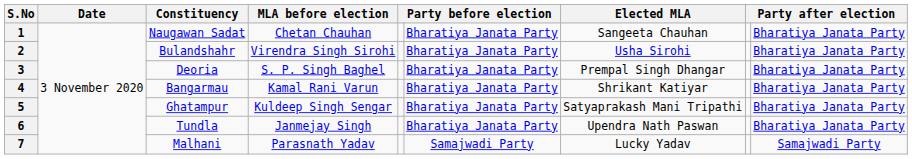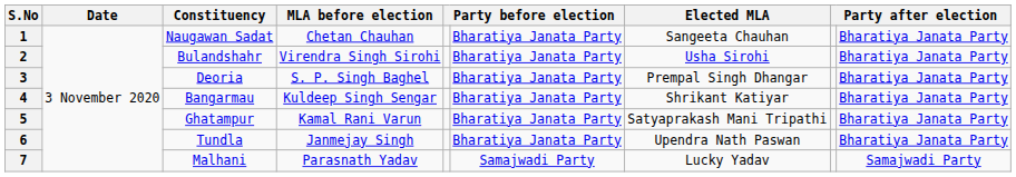 <table class="wikitable sortable" style="text-align:center;">
 <tr>
 <th>S.No</th>
 <th>Date</th>
 <th>Constituency</th>
 <th>MLA before election</th>
 <th colspan="2">Party before election</th>
 <th>Elected MLA</th>
 <th colspan="2">Party after election</th>
 </tr>
 <tr>
 <th>1</th>
 <td rowspan="7">3 November 2020</td>
 <td><a href='#'>Naugawan Sadat</a></td>
 <td><a href='#'>Chetan Chauhan</a></td>
 <td></td>
 <td><a href='#'>Bharatiya Janata Party</a></td>
 <td>Sangeeta Chauhan</td>
 <td></td>
 <td><a href='#'>Bharatiya Janata Party</a></td>
 </tr>
 <tr>
 <th>2</th>
 <td><a href='#'>Bulandshahr</a></td>
 <td><a href='#'>Virendra Singh Sirohi</a></td>
 <td></td>
 <td><a href='#'>Bharatiya Janata Party</a></td>
 <td><a href='#'>Usha Sirohi</a></td>
 <td></td>
 <td><a href='#'>Bharatiya Janata Party</a></td>
 </tr>
 <tr>
 <th>3</th>
 <td><a href='#'>Deoria</a></td>
 <td><a href='#'>S. P. Singh Baghel</a></td>
 <td></td>
 <td><a href='#'>Bharatiya Janata Party</a></td>
 <td>Prempal Singh Dhangar</td>
 <td></td>
 <td><a href='#'>Bharatiya Janata Party</a></td>
 </tr>
 <tr>
 <th>4</th>
 <td><a href='#'>Bangarmau</a></td>
-<td><a href='#'>Kamal Rani Varun</a></td>
+<td><a href='#'>Kuldeep Singh Sengar</a></td>
 <td></td>
 <td><a href='#'>Bharatiya Janata Party</a></td>
 <td>Shrikant Katiyar</td>
 <td></td>
 <td><a href='#'>Bharatiya Janata Party</a></td>
 </tr>
 <tr>
 <th>5</th>
 <td><a href='#'>Ghatampur</a></td>
-<td><a href='#'>Kuldeep Singh Sengar</a></td>
+<td><a href='#'>Kamal Rani Varun</a></td>
 <td></td>
 <td><a href='#'>Bharatiya Janata Party</a></td>
 <td>Satyaprakash Mani Tripathi</td>
 <td></td>
 <td><a href='#'>Bharatiya Janata Party</a></td>
 </tr>
 <tr>
 <th>6</th>
 <td><a href='#'>Tundla</a></td>
 <td><a href='#'>Janmejay Singh</a></td>
 <td></td>
 <td><a href='#'>Bharatiya Janata Party</a></td>
 <td>Upendra Nath Paswan</td>
 <td></td>
 <td><a href='#'>Bharatiya Janata Party</a></td>
 </tr>
 <tr>
 <th>7</th>
 <td><a href='#'>Malhani</a></td>
 <td><a href='#'>Parasnath Yadav</a></td>
 <td></td>
 <td><a href='#'>Samajwadi Party</a></td>
 <td>Lucky Yadav</td>
 <td></td>
 <td><a href='#'>Samajwadi Party</a></td>
 </tr>
 </table>
